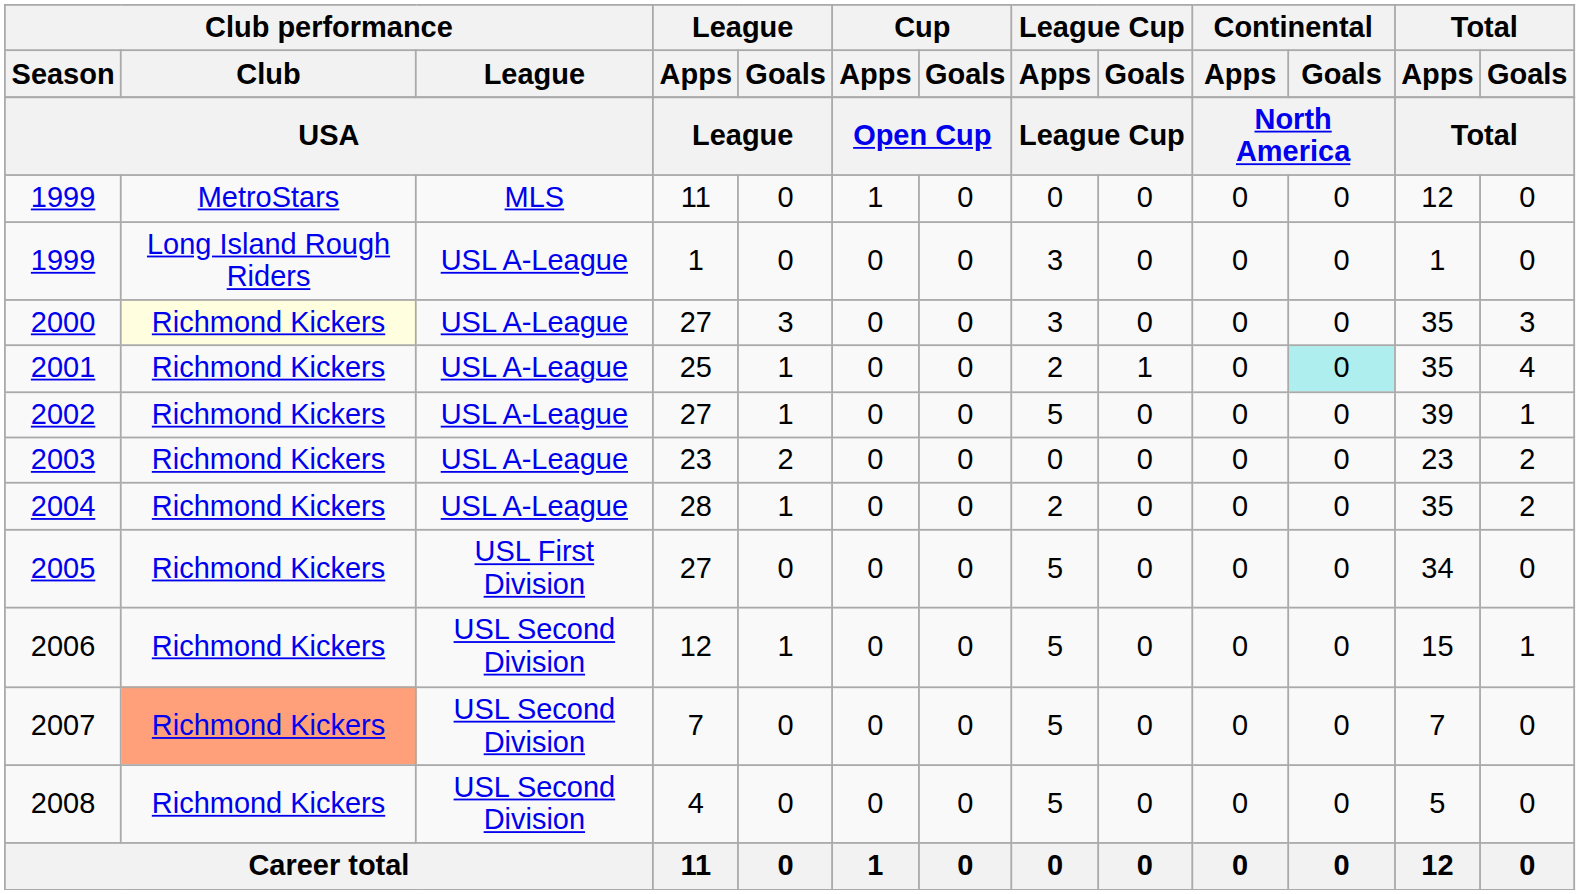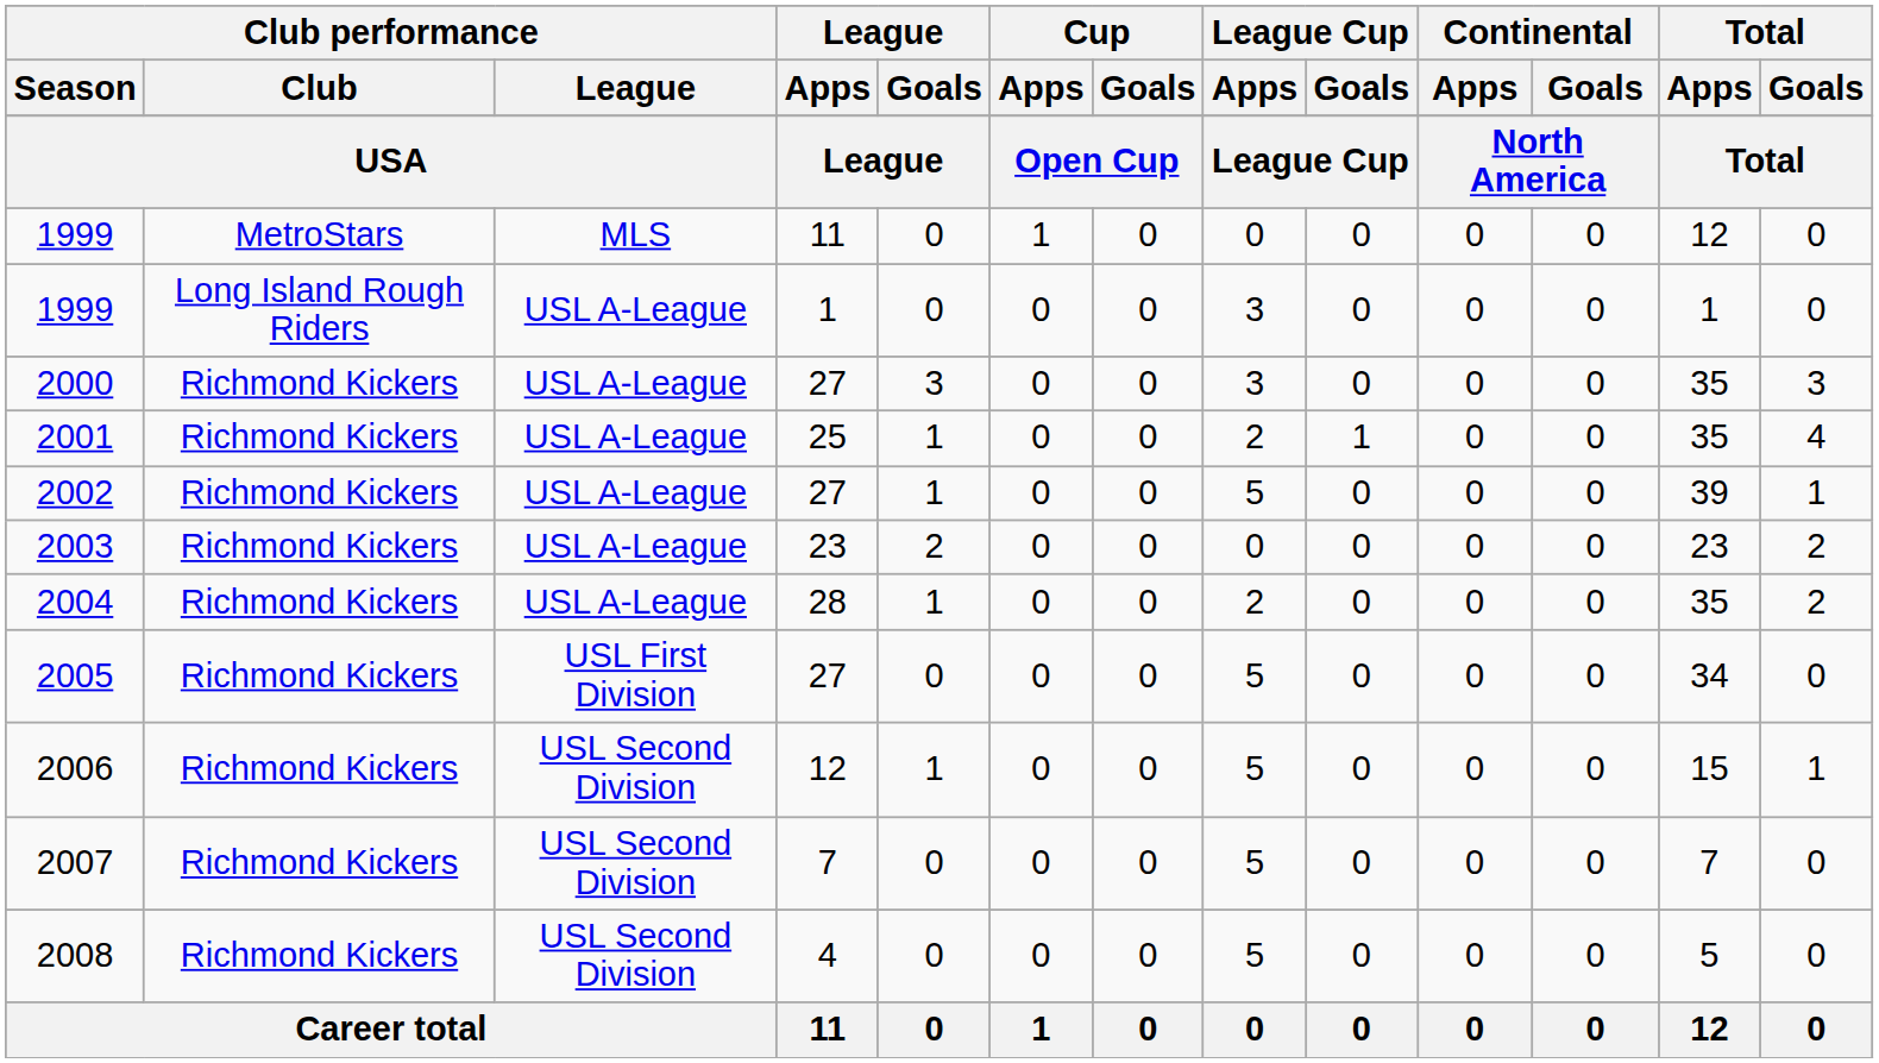 <table class="wikitable" style="text-align:center">
 <tr>
 <th colspan=3>Club performance</th>
 <th colspan=2>League</th>
 <th colspan=2>Cup</th>
 <th colspan=2>League Cup</th>
 <th colspan=2>Continental</th>
 <th colspan=2>Total</th>
 </tr>
 <tr>
 <th>Season</th>
 <th>Club</th>
 <th>League</th>
 <th>Apps</th>
 <th>Goals</th>
 <th>Apps</th>
 <th>Goals</th>
 <th>Apps</th>
 <th>Goals</th>
 <th>Apps</th>
 <th>Goals</th>
 <th>Apps</th>
 <th>Goals</th>
 </tr>
 <tr>
 </tr>
 <tr>
 <th colspan=3>USA</th>
 <th colspan=2>League</th>
 <th colspan=2><a href='#'>Open Cup</a></th>
 <th colspan=2>League Cup</th>
 <th colspan=2><a href='#'>North America</a></th>
 <th colspan=2>Total</th>
 </tr>
 <tr>
 <td><a href='#'>1999</a></td>
 <td><a href='#'>MetroStars</a></td>
 <td><a href='#'>MLS</a></td>
 <td>11</td>
 <td>0</td>
 <td>1</td>
 <td>0</td>
 <td>0</td>
 <td>0</td>
 <td>0</td>
 <td>0</td>
 <td>12</td>
 <td>0</td>
 </tr>
 <tr>
 <td><a href='#'>1999</a></td>
 <td><a href='#'>Long Island Rough Riders</a></td>
 <td><a href='#'>USL A-League</a></td>
 <td>1</td>
 <td>0</td>
 <td>0</td>
 <td>0</td>
 <td>3</td>
 <td>0</td>
 <td>0</td>
 <td>0</td>
 <td>1</td>
 <td>0</td>
 </tr>
 <tr>
 <td><a href='#'>2000</a></td>
-<td style="background: lightyellow;"><a href='#'>Richmond Kickers</a></td>
+<td><a href='#'>Richmond Kickers</a></td>
 <td><a href='#'>USL A-League</a></td>
 <td>27</td>
 <td>3</td>
 <td>0</td>
 <td>0</td>
 <td>3</td>
 <td>0</td>
 <td>0</td>
 <td>0</td>
 <td>35</td>
 <td>3</td>
 </tr>
 <tr>
 <td><a href='#'>2001</a></td>
 <td><a href='#'>Richmond Kickers</a></td>
 <td><a href='#'>USL A-League</a></td>
 <td>25</td>
 <td>1</td>
 <td>0</td>
 <td>0</td>
 <td>2</td>
 <td>1</td>
 <td>0</td>
-<td style="background: paleturquoise;">0</td>
+<td>0</td>
 <td>35</td>
 <td>4</td>
 </tr>
 <tr>
 <td><a href='#'>2002</a></td>
 <td><a href='#'>Richmond Kickers</a></td>
 <td><a href='#'>USL A-League</a></td>
 <td>27</td>
 <td>1</td>
 <td>0</td>
 <td>0</td>
 <td>5</td>
 <td>0</td>
 <td>0</td>
 <td>0</td>
 <td>39</td>
 <td>1</td>
 </tr>
 <tr>
 <td><a href='#'>2003</a></td>
 <td><a href='#'>Richmond Kickers</a></td>
 <td><a href='#'>USL A-League</a></td>
 <td>23</td>
 <td>2</td>
 <td>0</td>
 <td>0</td>
 <td>0</td>
 <td>0</td>
 <td>0</td>
 <td>0</td>
 <td>23</td>
 <td>2</td>
 </tr>
 <tr>
 <td><a href='#'>2004</a></td>
 <td><a href='#'>Richmond Kickers</a></td>
 <td><a href='#'>USL A-League</a></td>
 <td>28</td>
 <td>1</td>
 <td>0</td>
 <td>0</td>
 <td>2</td>
 <td>0</td>
 <td>0</td>
 <td>0</td>
 <td>35</td>
 <td>2</td>
 </tr>
 <tr>
 <td><a href='#'>2005</a></td>
 <td><a href='#'>Richmond Kickers</a></td>
 <td><a href='#'>USL First Division</a></td>
 <td>27</td>
 <td>0</td>
 <td>0</td>
 <td>0</td>
 <td>5</td>
 <td>0</td>
 <td>0</td>
 <td>0</td>
 <td>34</td>
 <td>0</td>
 </tr>
 <tr>
 <td>2006</td>
 <td><a href='#'>Richmond Kickers</a></td>
 <td><a href='#'>USL Second Division</a></td>
 <td>12</td>
 <td>1</td>
 <td>0</td>
 <td>0</td>
 <td>5</td>
 <td>0</td>
 <td>0</td>
 <td>0</td>
 <td>15</td>
 <td>1</td>
 </tr>
 <tr>
 <td>2007</td>
-<td style="background: lightsalmon;"><a href='#'>Richmond Kickers</a></td>
+<td><a href='#'>Richmond Kickers</a></td>
 <td><a href='#'>USL Second Division</a></td>
 <td>7</td>
 <td>0</td>
 <td>0</td>
 <td>0</td>
 <td>5</td>
 <td>0</td>
 <td>0</td>
 <td>0</td>
 <td>7</td>
 <td>0</td>
 </tr>
 <tr>
 <td>2008</td>
 <td><a href='#'>Richmond Kickers</a></td>
 <td><a href='#'>USL Second Division</a></td>
 <td>4</td>
 <td>0</td>
 <td>0</td>
 <td>0</td>
 <td>5</td>
 <td>0</td>
 <td>0</td>
 <td>0</td>
 <td>5</td>
 <td>0</td>
 </tr>
 <tr>
 <th colspan=3>Career total</th>
 <th>11</th>
 <th>0</th>
 <th>1</th>
 <th>0</th>
 <th>0</th>
 <th>0</th>
 <th>0</th>
 <th>0</th>
 <th>12</th>
 <th>0</th>
 </tr>
 <tr>
 </tr>
 </table>
